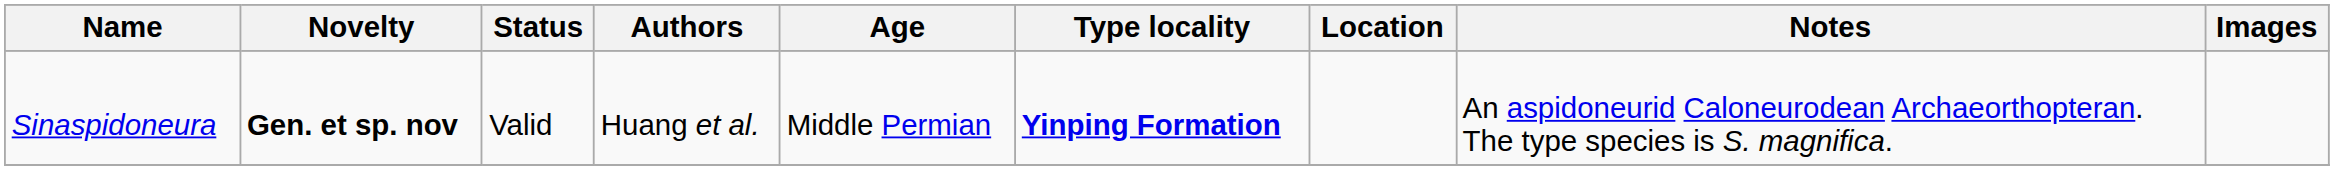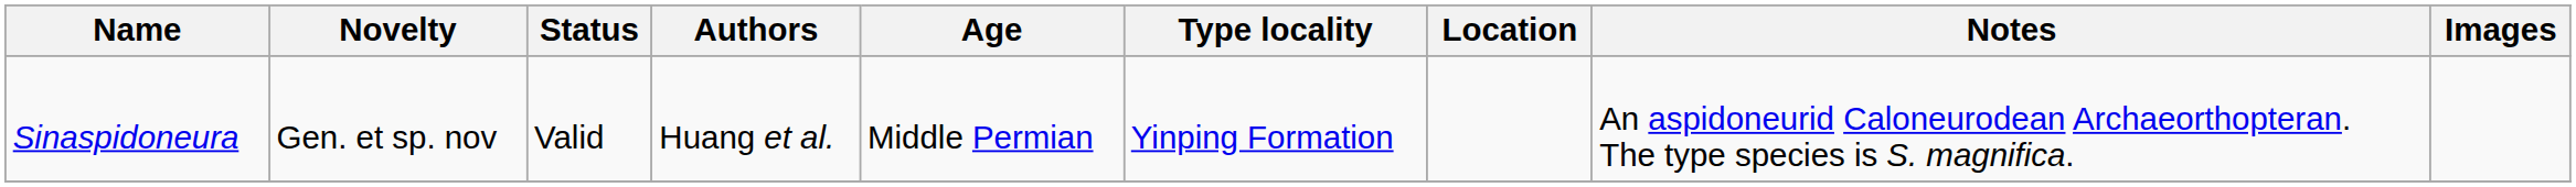 <table class="wikitable sortable" align="center" width="100%">
 <tr>
 <th>Name</th>
 <th>Novelty</th>
 <th>Status</th>
 <th>Authors</th>
 <th>Age</th>
 <th>Type locality</th>
 <th>Location</th>
 <th>Notes</th>
 <th>Images</th>
 </tr>
 <tr>
 <td><br><em><a href='#'>Sinaspidoneura</a></em></td>
-<td><strong><br>Gen. et sp. nov</strong></td>
+<td><br>Gen. et sp. nov</td>
 <td><br>Valid</td>
 <td><br>Huang <em>et al.</em></td>
 <td><br>Middle <a href='#'>Permian</a></td>
-<td><strong><br><a href='#'>Yinping Formation</a></strong></td>
+<td><br><a href='#'>Yinping Formation</a></td>
 <td><br></td>
 <td><br>An <a href='#'>aspidoneurid</a> <a href='#'>Caloneurodean</a> <a href='#'>Archaeorthopteran</a>.<br> The type species is <em>S. magnifica</em>.</td>
 <td></td>
 </tr>
 <tr>
 </tr>
 </table>
